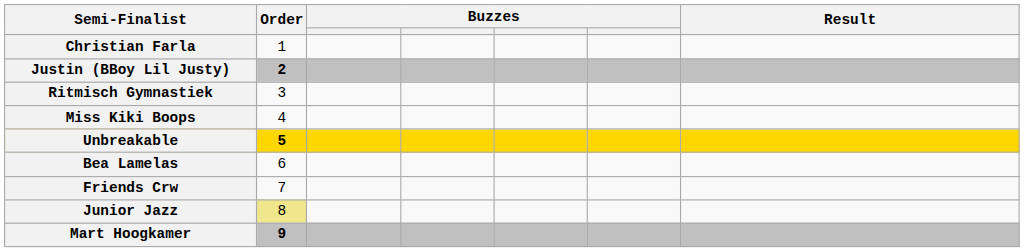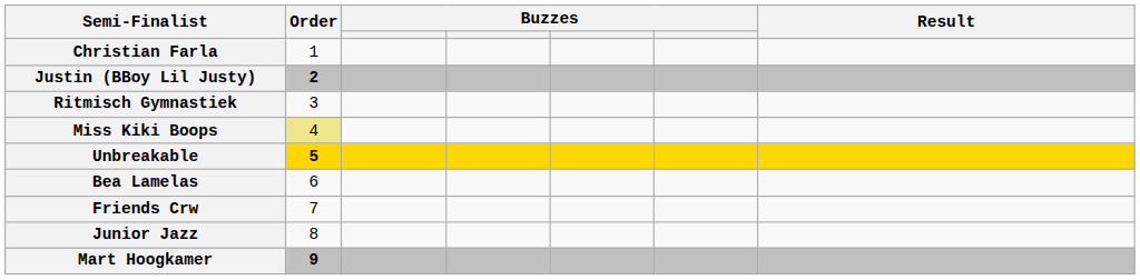 <table class="wikitable plainrowheaders sortable" style="text-align:center;">
 <tr>
 <th scope="col" rowspan="2" class="unsortable" style="width:17em;">Semi-Finalist</th>
 <th scope="col" rowspan="2" style="width:1em;">Order</th>
 <th scope="col" colspan="4" class="unsortable" style="width:24em;">Buzzes</th>
 <th scope="col" rowspan="2" style="width:23em;">Result</th>
 </tr>
 <tr>
 <th scope="col" class="unsortable" style="width:6em;"></th>
 <th scope="col" class="unsortable" style="width:6em;"></th>
 <th scope="col" class="unsortable" style="width:6em;"></th>
 <th scope="col" class="unsortable" style="width:6em;"></th>
 </tr>
 <tr>
 <th scope="row">Christian Farla</th>
 <td>1</td>
 <td style="text-align:center;"></td>
 <td style="text-align:center;"></td>
 <td style="text-align:center;"></td>
 <td style="text-align:center;"></td>
 <td></td>
 </tr>
 <tr bgcolor=silver>
 <th scope="row"><strong>Justin (BBoy Lil Justy)</strong></th>
 <td><strong>2</strong></td>
 <td style="text-align:center;"></td>
 <td style="text-align:center;"></td>
 <td style="text-align:center;"></td>
 <td style="text-align:center;"></td>
 <td><strong></strong></td>
 </tr>
 <tr>
 <th scope="row">Ritmisch Gymnastiek</th>
 <td>3</td>
 <td style="text-align:center;"></td>
 <td style="text-align:center;"></td>
 <td style="text-align:center;"></td>
 <td style="text-align:center;"></td>
 <td></td>
 </tr>
 <tr>
 <th scope="row">Miss Kiki Boops</th>
-<td>4</td>
+<td style="background: khaki;">4</td>
 <td style="text-align:center;"></td>
 <td style="text-align:center;"></td>
 <td style="text-align:center;"></td>
 <td style="text-align:center;"></td>
 <td></td>
 </tr>
 <tr bgcolor=gold>
 <th scope="row"><strong>Unbreakable</strong></th>
 <td><strong>5</strong></td>
 <td style="text-align:center;"></td>
 <td style="text-align:center;"></td>
 <td style="text-align:center;"></td>
 <td style="text-align:center;"></td>
 <td><strong></strong></td>
 </tr>
 <tr>
 <th scope="row">Bea Lamelas</th>
 <td>6</td>
 <td style="text-align:center;"></td>
 <td style="text-align:center;"></td>
 <td style="text-align:center;"></td>
 <td style="text-align:center;"></td>
 <td></td>
 </tr>
 <tr>
 <th scope="row">Friends Crw</th>
 <td>7</td>
 <td style="text-align:center;"></td>
 <td style="text-align:center;"></td>
 <td style="text-align:center;"></td>
 <td style="text-align:center;"></td>
 <td></td>
 </tr>
 <tr>
 <th scope="row">Junior Jazz</th>
-<td style="background: khaki;">8</td>
+<td>8</td>
 <td style="text-align:center;"></td>
 <td style="text-align:center;"></td>
 <td style="text-align:center;"></td>
 <td style="text-align:center;"></td>
 <td></td>
 </tr>
 <tr bgcolor=silver>
 <th scope="row"><strong>Mart Hoogkamer</strong></th>
 <td><strong>9</strong></td>
 <td style="text-align:center;"></td>
 <td style="text-align:center;"></td>
 <td style="text-align:center;"></td>
 <td style="text-align:center;"></td>
 <td><strong></strong></td>
 </tr>
 </table>
